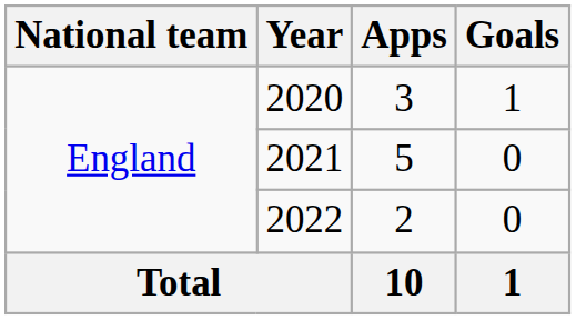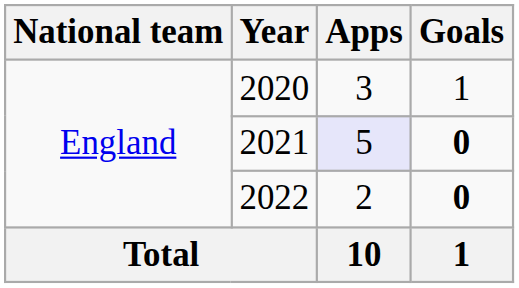 <table class="wikitable" style="text-align: center;">
 <tr>
 <th>National team</th>
 <th>Year</th>
 <th>Apps</th>
 <th>Goals</th>
 </tr>
 <tr>
 <td rowspan="3"><a href='#'>England</a></td>
 <td>2020</td>
 <td>3</td>
 <td>1</td>
 </tr>
 <tr>
 <td>2021</td>
-<td>5</td>
-<td>0</td>
+<td style="background: lavender;">5</td>
+<td><strong>0</strong></td>
 </tr>
 <tr>
 <td>2022</td>
 <td>2</td>
-<td>0</td>
+<td><strong>0</strong></td>
 </tr>
 <tr>
 <th colspan="2">Total</th>
 <th>10</th>
 <th>1</th>
 </tr>
 </table>
